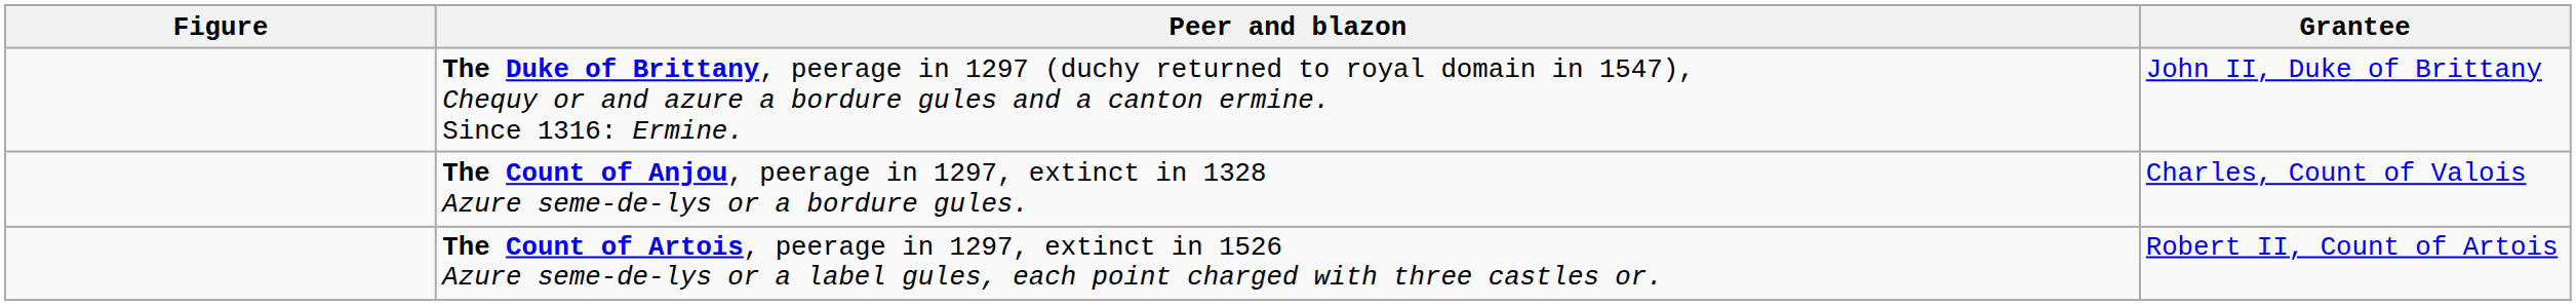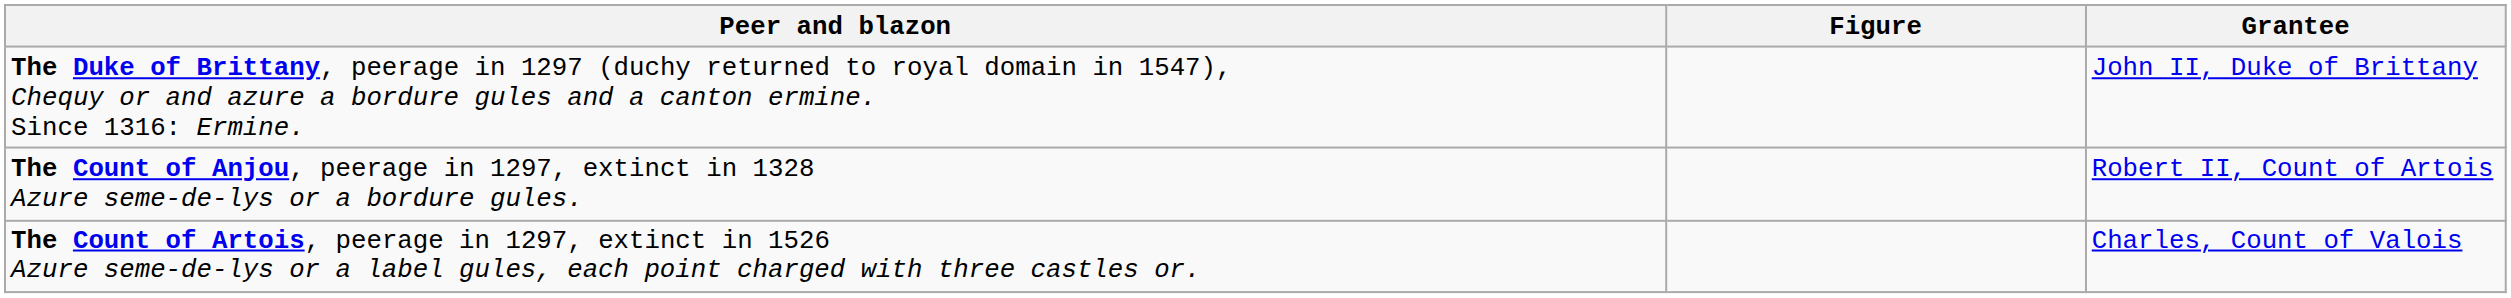 <table class="wikitable" width="100%">
 <tr>
+<th>Peer and blazon</th>
 <th width="206">Figure</th>
-<th>Peer and blazon</th>
 <th width="206">Grantee</th>
 </tr>
 <tr valign="top">
+<td><strong>The <a href='#'>Duke of Brittany</a></strong>, peerage in 1297 (duchy returned to royal domain in 1547),<br><em>Chequy or and azure a bordure gules and a canton ermine.</em><br>Since 1316: <em>Ermine.</em></td>
 <td align="center"> </td>
-<td><strong>The <a href='#'>Duke of Brittany</a></strong>, peerage in 1297 (duchy returned to royal domain in 1547),<br><em>Chequy or and azure a bordure gules and a canton ermine.</em><br>Since 1316: <em>Ermine.</em></td>
 <td><a href='#'>John II, Duke of Brittany</a></td>
 </tr>
 <tr valign="top">
+<td><strong>The <a href='#'>Count of Anjou</a></strong>, peerage in 1297, extinct in 1328<br><em>Azure seme-de-lys or a bordure gules.</em></td>
 <td align="center"></td>
-<td><strong>The <a href='#'>Count of Anjou</a></strong>, peerage in 1297, extinct in 1328<br><em>Azure seme-de-lys or a bordure gules.</em></td>
+<td><a href='#'>Robert II, Count of Artois</a></td>
+</tr>
+<tr valign="top">
+<td><strong>The <a href='#'>Count of Artois</a></strong>, peerage in 1297, extinct in 1526<br><em>Azure seme-de-lys or a label gules, each point charged with three castles or.</em></td>
+<td align="center"></td>
 <td><a href='#'>Charles, Count of Valois</a></td>
 </tr>
-<tr valign="top">
-<td align="center"></td>
-<td><strong>The <a href='#'>Count of Artois</a></strong>, peerage in 1297, extinct in 1526<br><em>Azure seme-de-lys or a label gules, each point charged with three castles or.</em></td>
-<td><a href='#'>Robert II, Count of Artois</a></td>
-</tr>
 </table>
